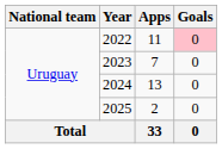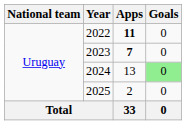 <table class="wikitable" style="text-align:center">
 <tr>
 <th>National team</th>
 <th>Year</th>
 <th>Apps</th>
 <th>Goals</th>
 </tr>
 <tr>
 <td rowspan="4"><a href='#'>Uruguay</a></td>
 <td>2022</td>
-<td>11</td>
-<td style="background: pink;">0</td>
+<td><strong>11</strong></td>
+<td>0</td>
 </tr>
 <tr>
 <td>2023</td>
-<td>7</td>
+<td><strong>7</strong></td>
 <td>0</td>
 </tr>
 <tr>
 <td>2024</td>
 <td>13</td>
-<td>0</td>
+<td style="background: lightgreen;">0</td>
 </tr>
 <tr>
 <td>2025</td>
 <td>2</td>
 <td>0</td>
 </tr>
 <tr>
 <th colspan="2">Total</th>
 <th>33</th>
 <th>0</th>
 </tr>
 </table>
